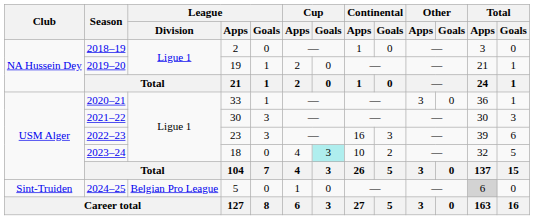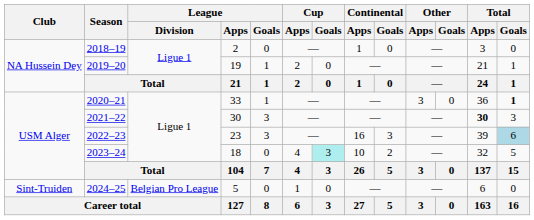 <table class="wikitable" style="text-align:center">
 <tr>
 <th rowspan="2">Club</th>
 <th rowspan="2">Season</th>
 <th colspan="3">League</th>
 <th colspan="2">Cup</th>
 <th colspan="2">Continental</th>
 <th colspan="2">Other</th>
 <th colspan="2">Total</th>
 </tr>
 <tr>
 <th>Division</th>
 <th>Apps</th>
 <th>Goals</th>
 <th>Apps</th>
 <th>Goals</th>
 <th>Apps</th>
 <th>Goals</th>
 <th>Apps</th>
 <th>Goals</th>
 <th>Apps</th>
 <th>Goals</th>
 </tr>
 <tr>
 <td rowspan="3"><a href='#'>NA Hussein Dey</a></td>
 <td><a href='#'>2018–19</a></td>
 <td rowspan="2"><a href='#'>Ligue 1</a></td>
 <td>2</td>
 <td>0</td>
 <td colspan="2">—</td>
 <td>1</td>
 <td>0</td>
 <td colspan="2">—</td>
 <td>3</td>
 <td>0</td>
 </tr>
 <tr>
 <td><a href='#'>2019–20</a></td>
 <td>19</td>
 <td>1</td>
 <td>2</td>
 <td>0</td>
 <td colspan="2">—</td>
 <td colspan="2">—</td>
 <td>21</td>
 <td>1</td>
 </tr>
 <tr>
 <th colspan="2">Total</th>
 <th>21</th>
 <th>1</th>
 <th>2</th>
 <th>0</th>
 <th>1</th>
 <th>0</th>
 <th colspan="2">—</th>
 <th>24</th>
 <th>1</th>
 </tr>
 <tr>
 <td rowspan="5"><a href='#'>USM Alger</a></td>
 <td><a href='#'>2020–21</a></td>
 <td rowspan="4">Ligue 1</td>
 <td>33</td>
 <td>1</td>
 <td colspan="2">—</td>
 <td colspan="2">—</td>
 <td>3</td>
 <td>0</td>
 <td>36</td>
-<td>1</td>
+<td><strong>1</strong></td>
 </tr>
 <tr>
 <td><a href='#'>2021–22</a></td>
 <td>30</td>
 <td>3</td>
 <td colspan="2">—</td>
 <td colspan="2">—</td>
 <td colspan="2">—</td>
-<td>30</td>
+<td><strong>30</strong></td>
 <td>3</td>
 </tr>
 <tr>
 <td><a href='#'>2022–23</a></td>
 <td>23</td>
 <td>3</td>
 <td colspan="2">—</td>
 <td>16</td>
 <td>3</td>
 <td colspan="2">—</td>
 <td>39</td>
-<td>6</td>
+<td style="background: lightblue;">6</td>
 </tr>
 <tr>
 <td><a href='#'>2023–24</a></td>
 <td>18</td>
 <td>0</td>
 <td>4</td>
 <td style="background: paleturquoise;">3</td>
 <td>10</td>
 <td>2</td>
 <td colspan="2">—</td>
 <td>32</td>
 <td>5</td>
 </tr>
 <tr>
 <th colspan="2">Total</th>
 <th>104</th>
 <th>7</th>
 <th>4</th>
 <th>3</th>
 <th>26</th>
 <th>5</th>
 <th>3</th>
 <th>0</th>
 <th>137</th>
 <th>15</th>
 </tr>
 <tr>
 <td><a href='#'>Sint-Truiden</a></td>
 <td><a href='#'>2024–25</a></td>
 <td><a href='#'>Belgian Pro League</a></td>
 <td>5</td>
 <td>0</td>
 <td>1</td>
 <td>0</td>
 <td colspan="2">—</td>
 <td colspan="2">—</td>
-<td style="background: lightgrey;">6</td>
+<td>6</td>
 <td>0</td>
 </tr>
 <tr>
 <th colspan="3">Career total</th>
 <th>127</th>
 <th>8</th>
 <th>6</th>
 <th>3</th>
 <th>27</th>
 <th>5</th>
 <th>3</th>
 <th>0</th>
 <th>163</th>
 <th>16</th>
 </tr>
 </table>
